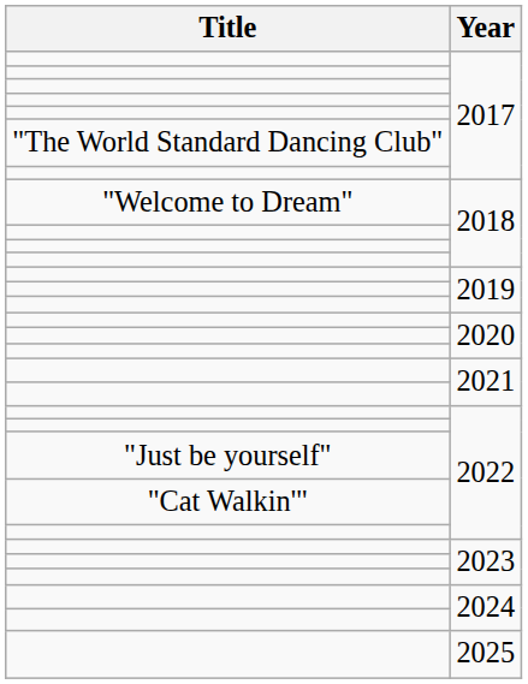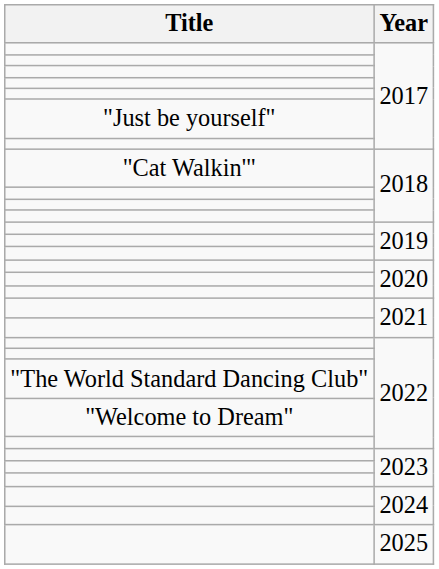 <table class="wikitable sortable plainrowheaders" style="text-align:center;">
 <tr>
 <th scope="col">Title</th>
 <th scope="col">Year</th>
 </tr>
 <tr>
 <td></td>
 <td rowspan="7">2017</td>
 </tr>
 <tr>
 <td></td>
 </tr>
 <tr>
 <td></td>
 </tr>
 <tr>
 <td></td>
 </tr>
 <tr>
 <td></td>
 </tr>
 <tr>
-<td>"The World Standard Dancing Club"</td>
+<td>"Just be yourself"</td>
 </tr>
 <tr>
 <td></td>
 </tr>
 <tr>
-<td>"Welcome to Dream"</td>
+<td>"Cat Walkin'"</td>
 <td rowspan="4">2018</td>
 </tr>
 <tr>
 <td></td>
 </tr>
 <tr>
 <td></td>
 </tr>
 <tr>
 <td></td>
 </tr>
 <tr>
 <td></td>
 <td rowspan="3">2019</td>
 </tr>
 <tr>
 <td></td>
 </tr>
 <tr>
 <td></td>
 </tr>
 <tr>
 <td></td>
 <td rowspan="3">2020</td>
 </tr>
 <tr>
 <td></td>
 </tr>
 <tr>
 <td></td>
 </tr>
 <tr>
 <td></td>
 <td rowspan="2">2021</td>
 </tr>
 <tr>
 <td></td>
 </tr>
 <tr>
 <td></td>
 <td rowspan="5">2022</td>
 </tr>
 <tr>
 <td></td>
 </tr>
 <tr>
-<td>"Just be yourself"</td>
+<td>"The World Standard Dancing Club"</td>
 </tr>
 <tr>
-<td>"Cat Walkin'"</td>
+<td>"Welcome to Dream"</td>
 </tr>
 <tr>
 <td></td>
 </tr>
 <tr>
 <td></td>
 <td rowspan="3">2023</td>
 </tr>
 <tr>
 <td></td>
 </tr>
 <tr>
 <td></td>
 </tr>
 <tr>
 <td></td>
 <td rowspan="2">2024</td>
 </tr>
 <tr>
 <td></td>
 </tr>
 <tr>
 <td></td>
 <td rowspan="2">2025</td>
 </tr>
 </table>
